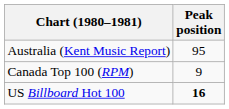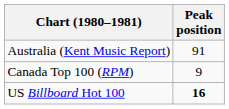 <table class="wikitable">
 <tr>
 <th scope="col">Chart (1980–1981)</th>
 <th>Peak<br>position</th>
 </tr>
 <tr>
 <td>Australia (<a href='#'>Kent Music Report</a>)</td>
-<td style="text-align:center;">95</td>
+<td style="text-align:center;">91</td>
 </tr>
 <tr>
 <td>Canada Top 100 (<em><a href='#'>RPM</a></em>)</td>
 <td style="text-align:center;">9</td>
 </tr>
 <tr>
 <td>US <a href='#'><em>Billboard</em> Hot 100</a></td>
 <td style="text-align:center;"><strong>16</strong></td>
 </tr>
 </table>
